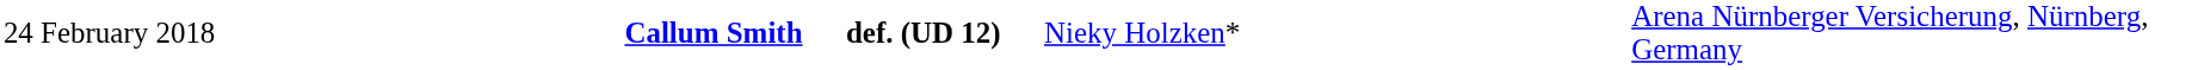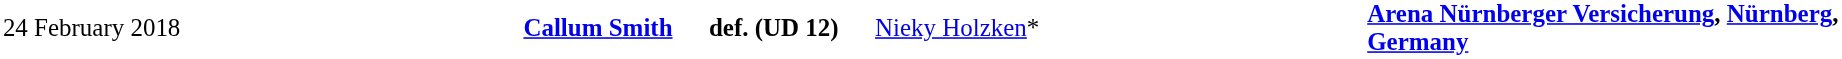 <table style="width:100%;" cellspacing="1">
 <tr>
 <th width=15%></th>
 <th width=25%></th>
 <th width=10%></th>
 <th width=25%></th>
 </tr>
 <tr style=font-size:100%>
 <td align=right>24 February 2018</td>
 <td align=right><strong><a href='#'>Callum Smith</a></strong> </td>
 <td align=center><strong>def. (UD 12)</strong></td>
 <td> <a href='#'>Nieky Holzken</a>*</td>
-<td><a href='#'>Arena Nürnberger Versicherung</a>, <a href='#'>Nürnberg</a>, <a href='#'>Germany</a></td>
+<td><strong><a href='#'>Arena Nürnberger Versicherung</a>, <a href='#'>Nürnberg</a>, <a href='#'>Germany</a></strong></td>
 </tr>
 </table>
